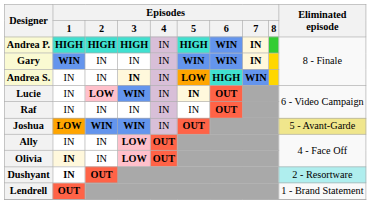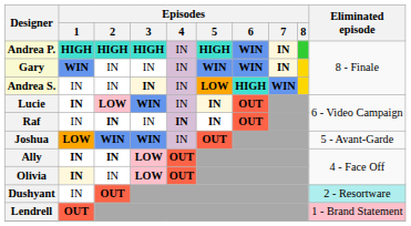 <table class="wikitable" style="text-align:center">
 <tr>
 <th rowspan="2">Designer</th>
 <th colspan="8">Episodes</th>
 <th rowspan="2">Eliminated<br> episode</th>
 </tr>
 <tr>
 <th>1</th>
 <th>2</th>
 <th>3</th>
 <th>4</th>
 <th>5</th>
 <th>6</th>
 <th>7</th>
 <th>8</th>
 </tr>
 <tr>
 <th style="background:#FAFAD2;">Andrea P.</th>
 <td style="background:turquoise;"><strong>HIGH</strong></td>
 <td style="background:turquoise;"><strong>HIGH</strong></td>
 <td style="background:turquoise;"><strong>HIGH</strong></td>
 <td style="background:thistle;">IN</td>
 <td style="background:turquoise;"><strong>HIGH</strong></td>
 <td style="background:cornflowerblue;"><strong>WIN</strong></td>
 <td style="background:cornsilk;"><strong> IN </strong></td>
 <td style="background:limegreen;"></td>
 <td rowspan="3">8 - Finale</td>
 </tr>
 <tr>
 <th style="background:#FAFAD2;">Gary</th>
 <td style="background:cornflowerblue;"><strong>WIN</strong></td>
 <td style="background:white;">IN</td>
 <td style="background:white;">IN</td>
 <td style="background:thistle;">IN</td>
 <td style="background:cornflowerblue;"><strong>WIN</strong></td>
 <td style="background:cornflowerblue;"><strong>WIN</strong></td>
 <td style="background:cornsilk;"><strong> IN </strong></td>
 <td style="background:gold;"></td>
 </tr>
 <tr>
 <th style="background:#FAFAD2;">Andrea S.</th>
 <td style="background:white;">IN</td>
 <td style="background:white;">IN</td>
 <td style="background:cornsilk;"><strong> IN </strong></td>
 <td style="background:thistle;">IN</td>
 <td style="background:orange;"><strong>LOW</strong></td>
 <td style="background:turquoise;"><strong>HIGH</strong></td>
 <td style="background:cornflowerblue;"><strong>WIN</strong></td>
 <td style="background:gold;"></td>
 </tr>
 <tr>
 <th>Lucie</th>
-<td style="background:white;">IN</td>
+<td style="background:white;"><strong>IN</strong></td>
 <td style="background:pink;"><strong>LOW</strong></td>
 <td style="background:cornflowerblue;"><strong>WIN</strong></td>
 <td style="background:thistle;">IN</td>
 <td style="background:cornsilk;"><strong> IN </strong></td>
 <td style="background:tomato;"><strong>OUT</strong></td>
 <td style="background:darkgrey;" colspan="2"></td>
 <td rowspan="2">6 - Video Campaign</td>
 </tr>
 <tr>
 <th>Raf</th>
 <td style="background:white;">IN</td>
+<td style="background:white;"><strong>IN</strong></td>
 <td style="background:white;">IN</td>
-<td style="background:white;">IN</td>
-<td style="background:thistle;">IN</td>
-<td style="background:white;">IN</td>
+<td style="background:thistle;"><strong>IN</strong></td>
+<td style="background:white;"><strong>IN</strong></td>
 <td style="background:tomato;"><strong>OUT</strong></td>
 <td style="background:darkgrey;" colspan="2"></td>
 </tr>
 <tr>
 <th>Joshua</th>
 <td style="background:orange;"><strong>LOW</strong></td>
 <td style="background:cornflowerblue;"><strong>WIN</strong></td>
 <td style="background:cornflowerblue;"><strong>WIN</strong></td>
 <td style="background:thistle;">IN</td>
 <td style="background:tomato;"><strong>OUT</strong></td>
 <td style="background:darkgrey;" colspan="3"></td>
-<td style="background: khaki;">5 - Avant-Garde</td>
+<td>5 - Avant-Garde</td>
 </tr>
 <tr>
 <th>Ally</th>
-<td style="background:white;">IN</td>
-<td style="background:white;">IN</td>
+<td style="background:white;"><strong>IN</strong></td>
+<td style="background:white;"><strong>IN</strong></td>
 <td style="background:pink;"><strong>LOW</strong></td>
 <td style="background:tomato;"><strong>OUT</strong></td>
 <td style="background:darkgrey;" colspan="4"></td>
 <td rowspan="2">4 - Face Off</td>
 </tr>
 <tr>
 <th>Olivia</th>
 <td style="background:cornsilk;"><strong> IN </strong></td>
 <td style="background:white;">IN</td>
 <td style="background:pink;"><strong>LOW</strong></td>
 <td style="background:tomato;"><strong>OUT</strong></td>
 <td style="background:darkgrey;" colspan="4"></td>
 </tr>
 <tr>
 <th>Dushyant</th>
-<td style="background:white;"><strong>IN</strong></td>
+<td style="background:white;">IN</td>
 <td style="background:tomato;"><strong>OUT</strong></td>
 <td style="background:darkgrey;" colspan="6"></td>
 <td style="background: paleturquoise;">2 - Resortware</td>
 </tr>
 <tr>
 <th>Lendrell</th>
 <td style="background:tomato;"><strong>OUT</strong></td>
 <td style="background:darkgrey;" colspan="7"></td>
-<td>1 - Brand Statement</td>
+<td style="background: pink;">1 - Brand Statement</td>
 </tr>
 <tr>
 </tr>
 </table>
